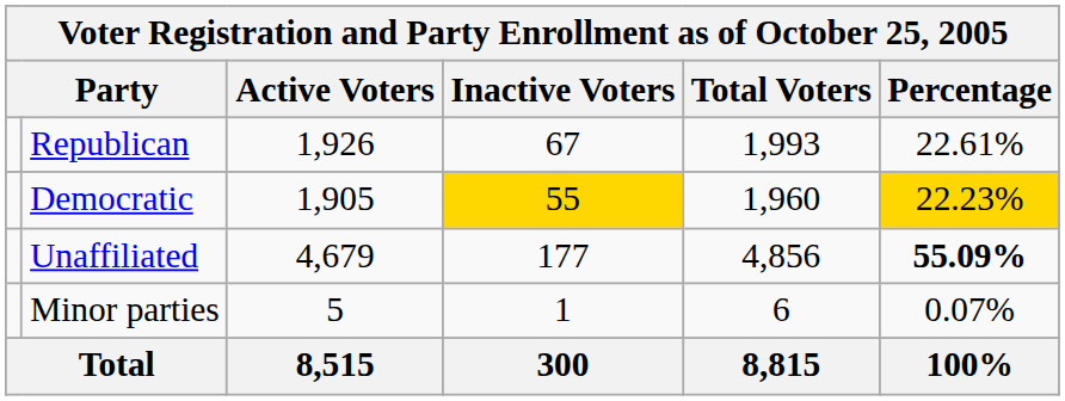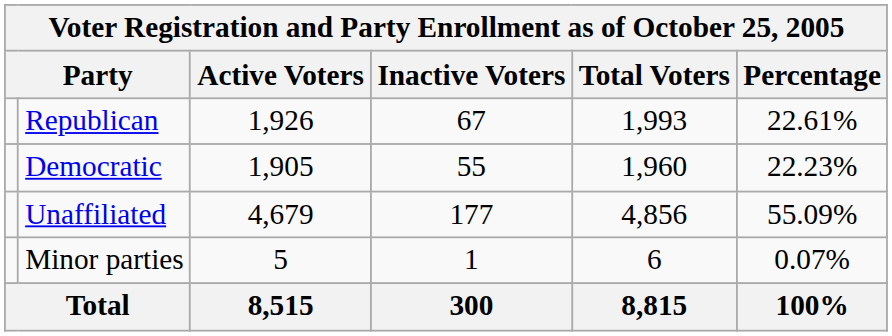 <table class=wikitable>
 <tr>
 <th colspan = 6>Voter Registration and Party Enrollment as of October 25, 2005</th>
 </tr>
 <tr>
 <th colspan = 2>Party</th>
 <th>Active Voters</th>
 <th>Inactive Voters</th>
 <th>Total Voters</th>
 <th>Percentage</th>
 </tr>
 <tr>
 <td></td>
 <td><a href='#'>Republican</a></td>
 <td align = center>1,926</td>
 <td align = center>67</td>
 <td align = center>1,993</td>
 <td align = center>22.61%</td>
 </tr>
 <tr>
 <td></td>
 <td><a href='#'>Democratic</a></td>
 <td align = center>1,905</td>
-<td align = center style="background: gold;">55</td>
+<td align = center>55</td>
 <td align = center>1,960</td>
-<td align = center style="background: gold;">22.23%</td>
+<td align = center>22.23%</td>
 </tr>
 <tr>
 <td></td>
 <td><a href='#'>Unaffiliated</a></td>
 <td align = center>4,679</td>
 <td align = center>177</td>
 <td align = center>4,856</td>
-<td align = center><strong>55.09%</strong></td>
+<td align = center>55.09%</td>
 </tr>
 <tr>
 <td></td>
 <td>Minor parties</td>
 <td align = center>5</td>
 <td align = center>1</td>
 <td align = center>6</td>
 <td align = center>0.07%</td>
 </tr>
 <tr>
 <th colspan = 2>Total</th>
 <th align = center>8,515</th>
 <th align = center>300</th>
 <th align = center>8,815</th>
 <th align = center>100%</th>
 </tr>
 </table>
